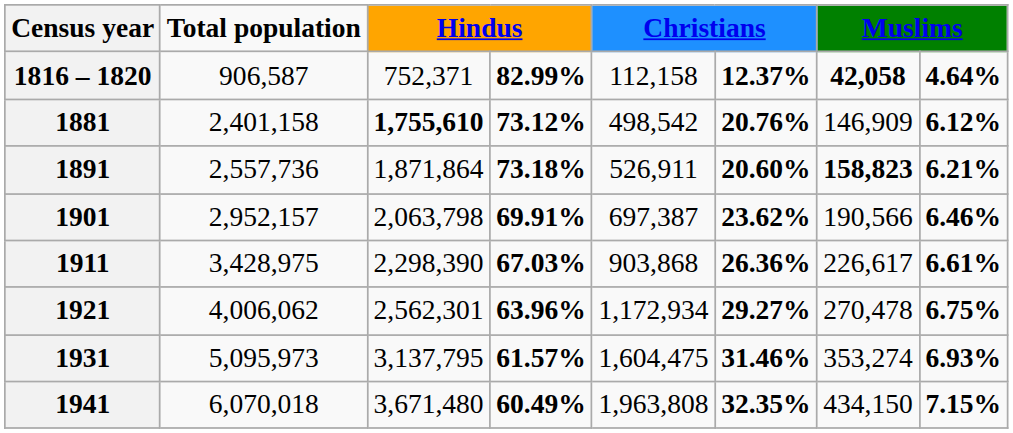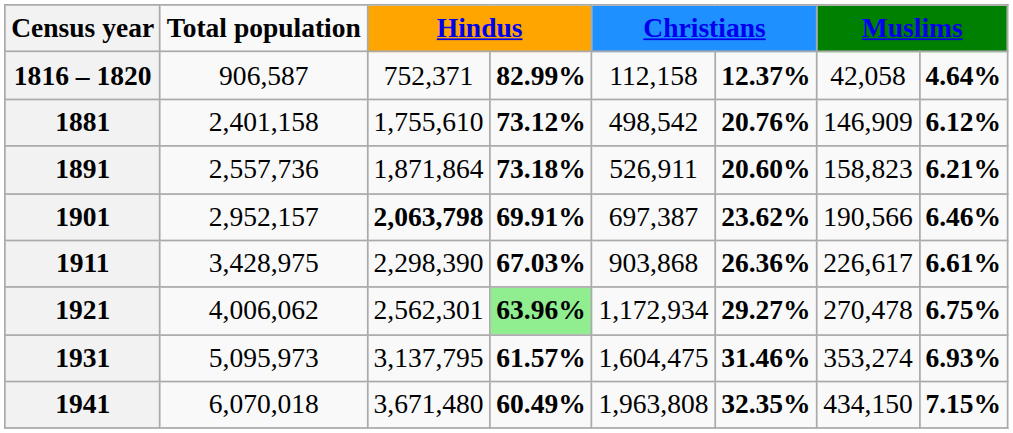 <table class="wikitable sortable" style="line-height:20px;text-align:center;">
 <tr>
 <th>Census year</th>
 <td><strong>Total population</strong></td>
 <td colspan="2" style="background:Orange;"><a href='#'><span><strong>Hindus</strong></span></a></td>
 <td colspan="2" style="background:DodgerBlue;"><a href='#'><span><strong>Christians</strong></span></a></td>
 <td colspan="2" style="background:Green;"><a href='#'><span><strong>Muslims</strong></span></a></td>
 </tr>
 <tr>
 <th>1816 – 1820</th>
 <td>906,587</td>
 <td>752,371</td>
 <td><strong>82.99%</strong></td>
 <td>112,158</td>
 <td><strong>12.37%</strong></td>
-<td><strong>42,058</strong></td>
+<td>42,058</td>
 <td><strong>4.64%</strong></td>
 </tr>
 <tr>
 <th>1881</th>
 <td>2,401,158</td>
-<td><strong>1,755,610</strong></td>
+<td>1,755,610</td>
 <td><strong>73.12%</strong></td>
 <td>498,542</td>
 <td><strong>20.76%</strong></td>
 <td>146,909</td>
 <td><strong>6.12%</strong></td>
 </tr>
 <tr>
 <th>1891</th>
 <td>2,557,736</td>
 <td>1,871,864</td>
 <td><strong>73.18%</strong></td>
 <td>526,911</td>
 <td><strong>20.60%</strong></td>
-<td><strong>158,823</strong></td>
+<td>158,823</td>
 <td><strong>6.21%</strong></td>
 </tr>
 <tr>
 <th>1901</th>
 <td>2,952,157</td>
-<td>2,063,798</td>
+<td><strong>2,063,798</strong></td>
 <td><strong>69.91%</strong></td>
 <td>697,387</td>
 <td><strong>23.62%</strong></td>
 <td>190,566</td>
 <td><strong>6.46%</strong></td>
 </tr>
 <tr>
 <th>1911</th>
 <td>3,428,975</td>
 <td>2,298,390</td>
 <td><strong>67.03%</strong></td>
 <td>903,868</td>
 <td><strong>26.36%</strong></td>
 <td>226,617</td>
 <td><strong>6.61%</strong></td>
 </tr>
 <tr>
 <th>1921</th>
 <td>4,006,062</td>
 <td>2,562,301</td>
-<td><strong>63.96%</strong></td>
+<td style="background: lightgreen;"><strong>63.96%</strong></td>
 <td>1,172,934</td>
 <td><strong>29.27%</strong></td>
 <td>270,478</td>
 <td><strong>6.75%</strong></td>
 </tr>
 <tr>
 <th>1931</th>
 <td>5,095,973</td>
 <td>3,137,795</td>
 <td><strong>61.57%</strong></td>
 <td>1,604,475</td>
 <td><strong>31.46%</strong></td>
 <td>353,274</td>
 <td><strong>6.93%</strong></td>
 </tr>
 <tr>
 <th>1941</th>
 <td>6,070,018</td>
 <td>3,671,480</td>
 <td><strong>60.49%</strong></td>
 <td>1,963,808</td>
 <td><strong>32.35%</strong></td>
 <td>434,150</td>
 <td><strong>7.15%</strong></td>
 </tr>
 </table>
